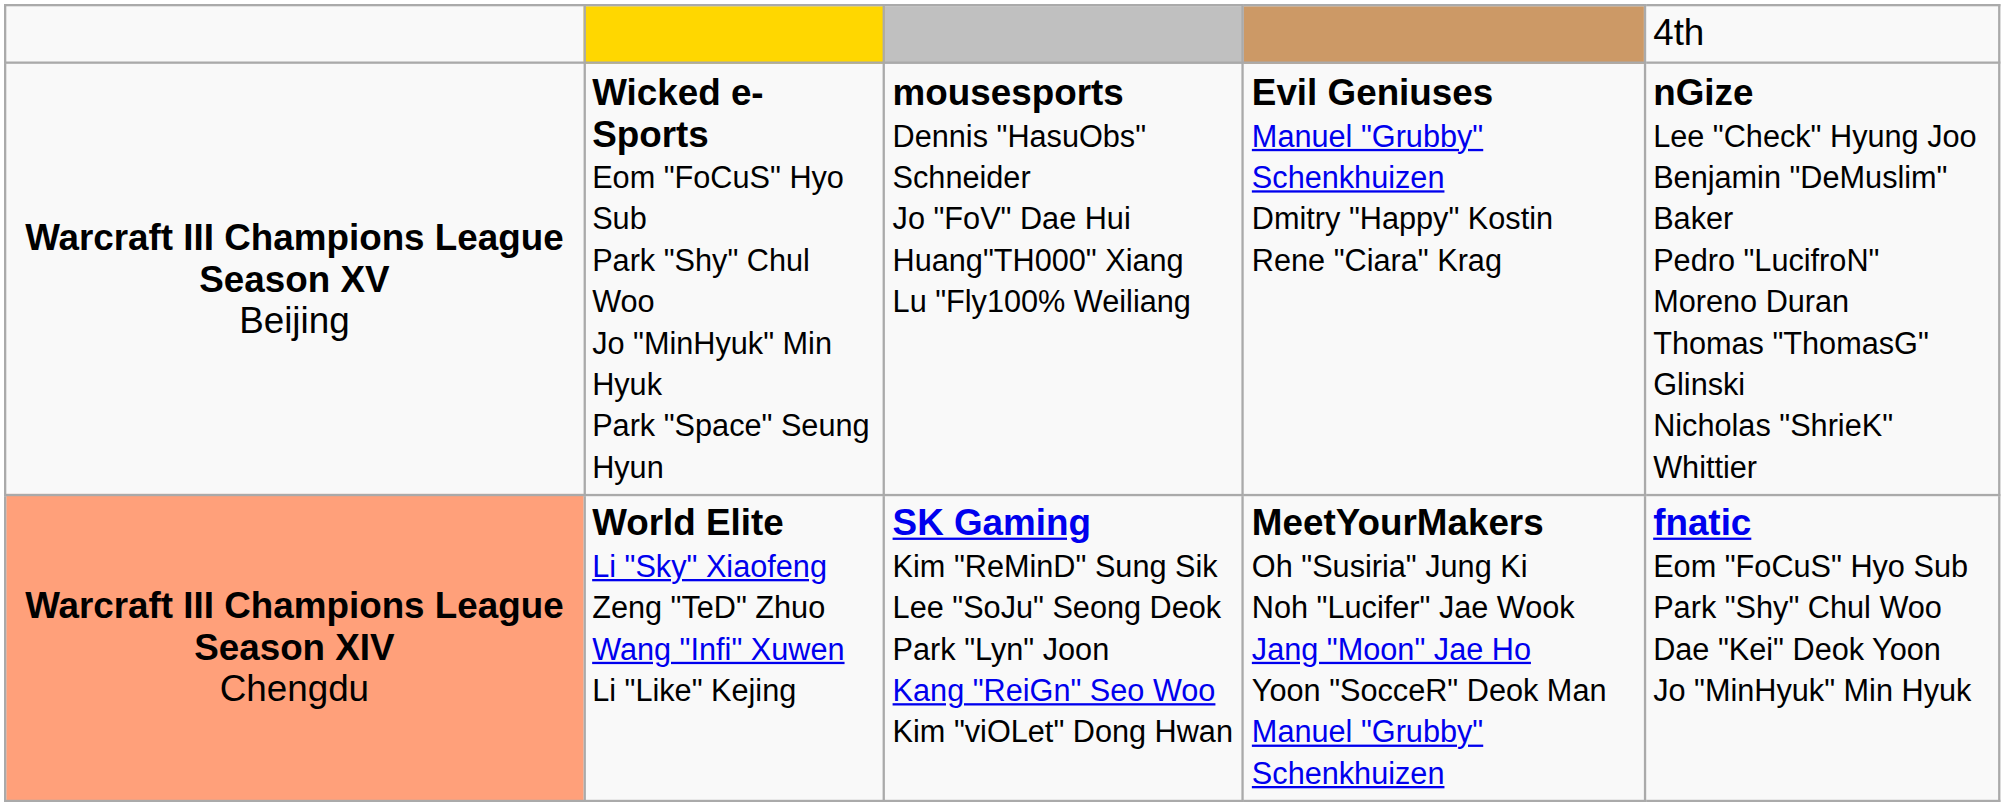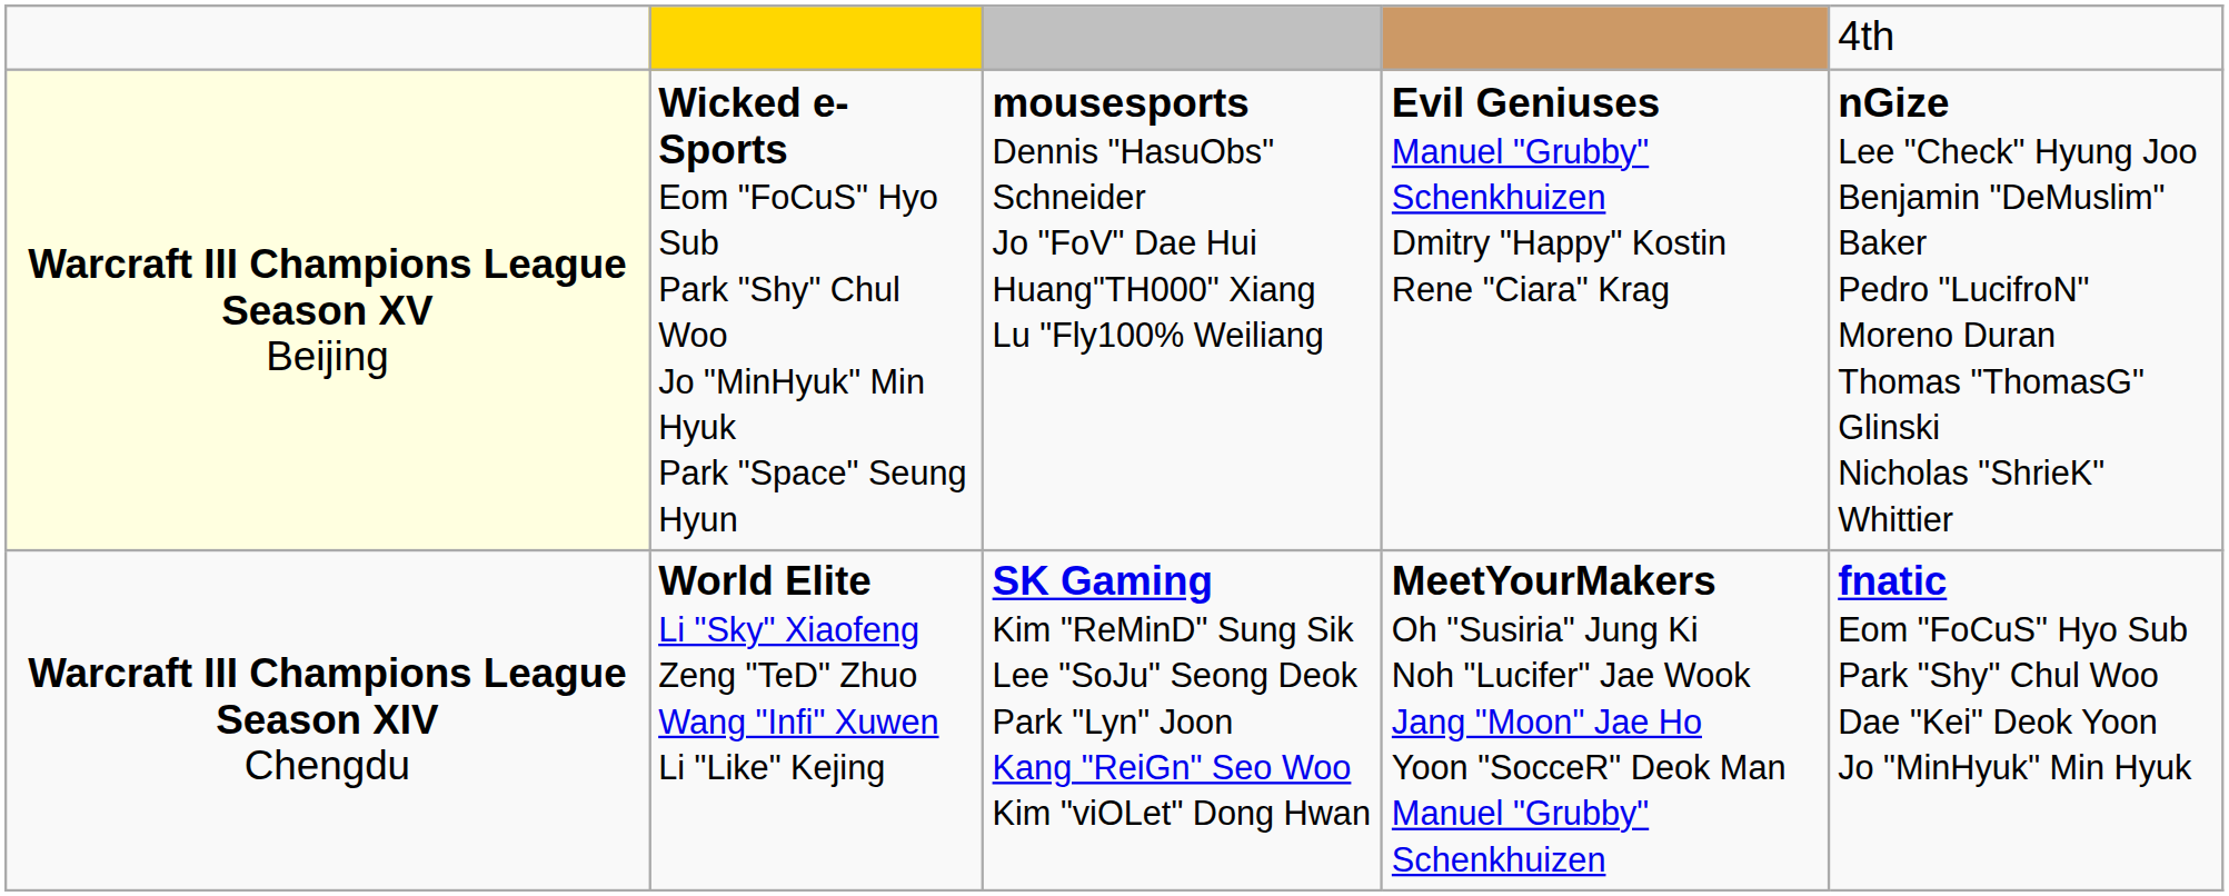 <table class="wikitable" style="text-align:left">
 <tr>
 <td style="text-align:center"></td>
 <td style="text-align:center; background:gold;"></td>
 <td style="text-align:center; background:silver;"></td>
 <td style="text-align:center; background:#c96;"></td>
 <td>4th</td>
 </tr>
 <tr>
-<td style="text-align:center"><strong>Warcraft III Champions League Season XV</strong><br> Beijing</td>
+<td style="background: lightyellow; text-align:center"><strong>Warcraft III Champions League Season XV</strong><br> Beijing</td>
 <td style="vertical-align:top"> <strong>Wicked e-Sports</strong><br><small> Eom "FoCuS" Hyo Sub<br> Park "Shy" Chul Woo<br> Jo "MinHyuk" Min Hyuk<br> Park "Space" Seung Hyun<br></small></td>
 <td style="vertical-align:top"> <strong>mousesports</strong><br><small> Dennis "HasuObs" Schneider <br> Jo "FoV" Dae Hui <br>  Huang"TH000" Xiang<br> Lu "Fly100% Weiliang <br></small></td>
 <td style="vertical-align:top"> <strong>Evil Geniuses</strong><br><small> <a href='#'>Manuel "Grubby" Schenkhuizen</a><br> Dmitry "Happy" Kostin<br> Rene "Ciara" Krag<br></small></td>
 <td style="vertical-align:top"> <strong>nGize</strong><br><small> Lee "Check" Hyung Joo<br> Benjamin "DeMuslim" Baker <br> Pedro "LucifroN" Moreno Duran<br> Thomas "ThomasG" Glinski <br> Nicholas "ShrieK" Whittier <br></small></td>
 </tr>
 <tr>
-<td style="background: lightsalmon; text-align:center"><strong>Warcraft III Champions League Season XIV</strong><br> Chengdu</td>
+<td style="text-align:center"><strong>Warcraft III Champions League Season XIV</strong><br> Chengdu</td>
 <td style="vertical-align:top"> <strong>World Elite</strong><br><small> <a href='#'>Li "Sky" Xiaofeng</a><br> Zeng "TeD" Zhuo <br> <a href='#'>Wang "Infi" Xuwen</a><br> Li "Like" Kejing<br></small></td>
 <td style="vertical-align:top"> <strong><a href='#'>SK Gaming</a></strong><br><small> Kim "ReMinD" Sung Sik <br> Lee "SoJu" Seong Deok <br> Park "Lyn" Joon <br> <a href='#'>Kang "ReiGn" Seo Woo</a> <br> Kim "viOLet" Dong Hwan<br></small></td>
 <td style="vertical-align:top"> <strong>MeetYourMakers</strong><br><small> Oh "Susiria" Jung Ki<br> Noh "Lucifer" Jae Wook<br> <a href='#'>Jang "Moon" Jae Ho</a><br> Yoon "SocceR" Deok Man<br> <a href='#'>Manuel "Grubby" Schenkhuizen</a><br></small></td>
 <td style="vertical-align:top"> <strong><a href='#'>fnatic</a></strong><br><small> Eom "FoCuS" Hyo Sub<br> Park "Shy" Chul Woo<br> Dae "Kei" Deok Yoon<br> Jo "MinHyuk" Min Hyuk<br></small></td>
 </tr>
 </table>
